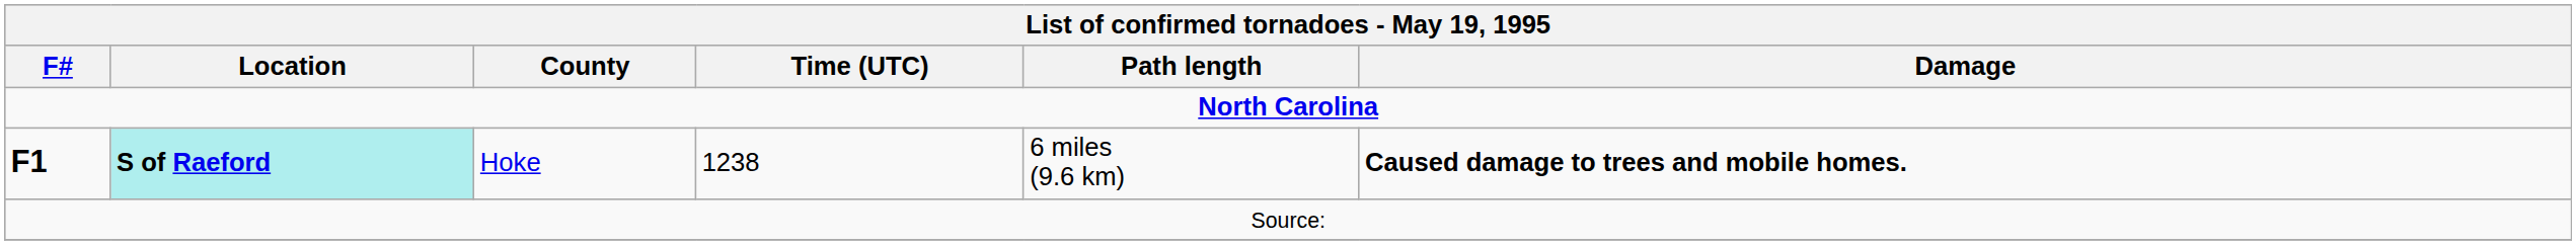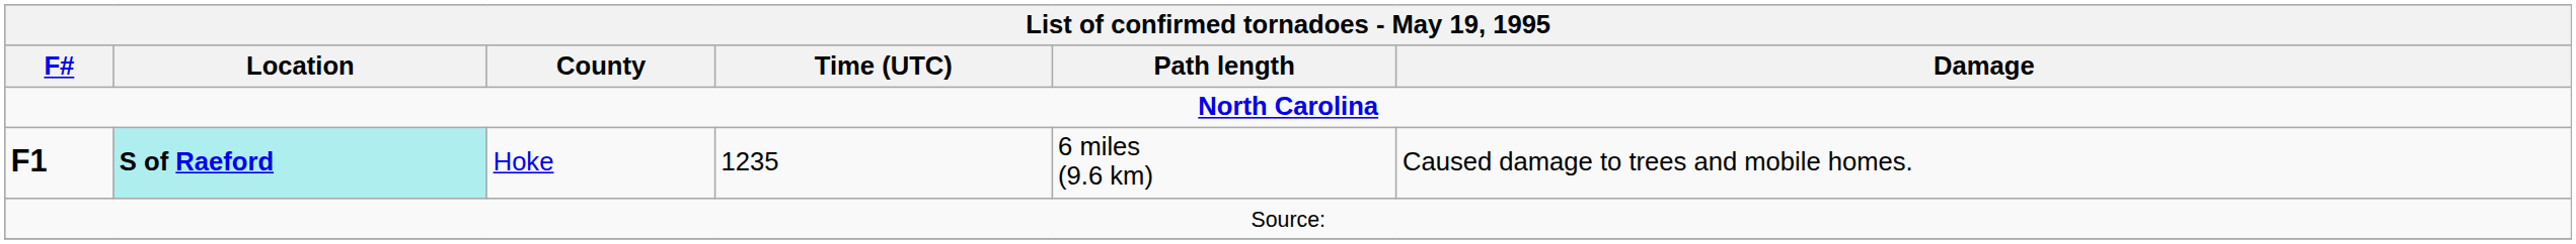 <table class="wikitable collapsible" width="100%">
 <tr>
 <th colspan="6">List of confirmed tornadoes - May 19, 1995</th>
 </tr>
 <tr>
 <th><a href='#'>F#</a></th>
 <th>Location</th>
 <th>County</th>
 <th>Time (UTC)</th>
 <th>Path length</th>
 <th>Damage</th>
 </tr>
 <tr>
 <td colspan="7" align=center><strong><a href='#'>North Carolina</a></strong></td>
 </tr>
 <tr>
 <td><big><strong>F1</strong></big></td>
 <td style="background: paleturquoise;"><strong>S of <a href='#'>Raeford</a></strong></td>
 <td><a href='#'>Hoke</a></td>
-<td>1238</td>
+<td>1235</td>
 <td>6 miles <br> (9.6 km)</td>
-<td><strong>Caused damage to trees and mobile homes.</strong></td>
+<td>Caused damage to trees and mobile homes.</td>
 </tr>
 <tr>
 <td colspan="7" align=center><small>Source:  </small></td>
 </tr>
 <tr>
 </tr>
 </table>
